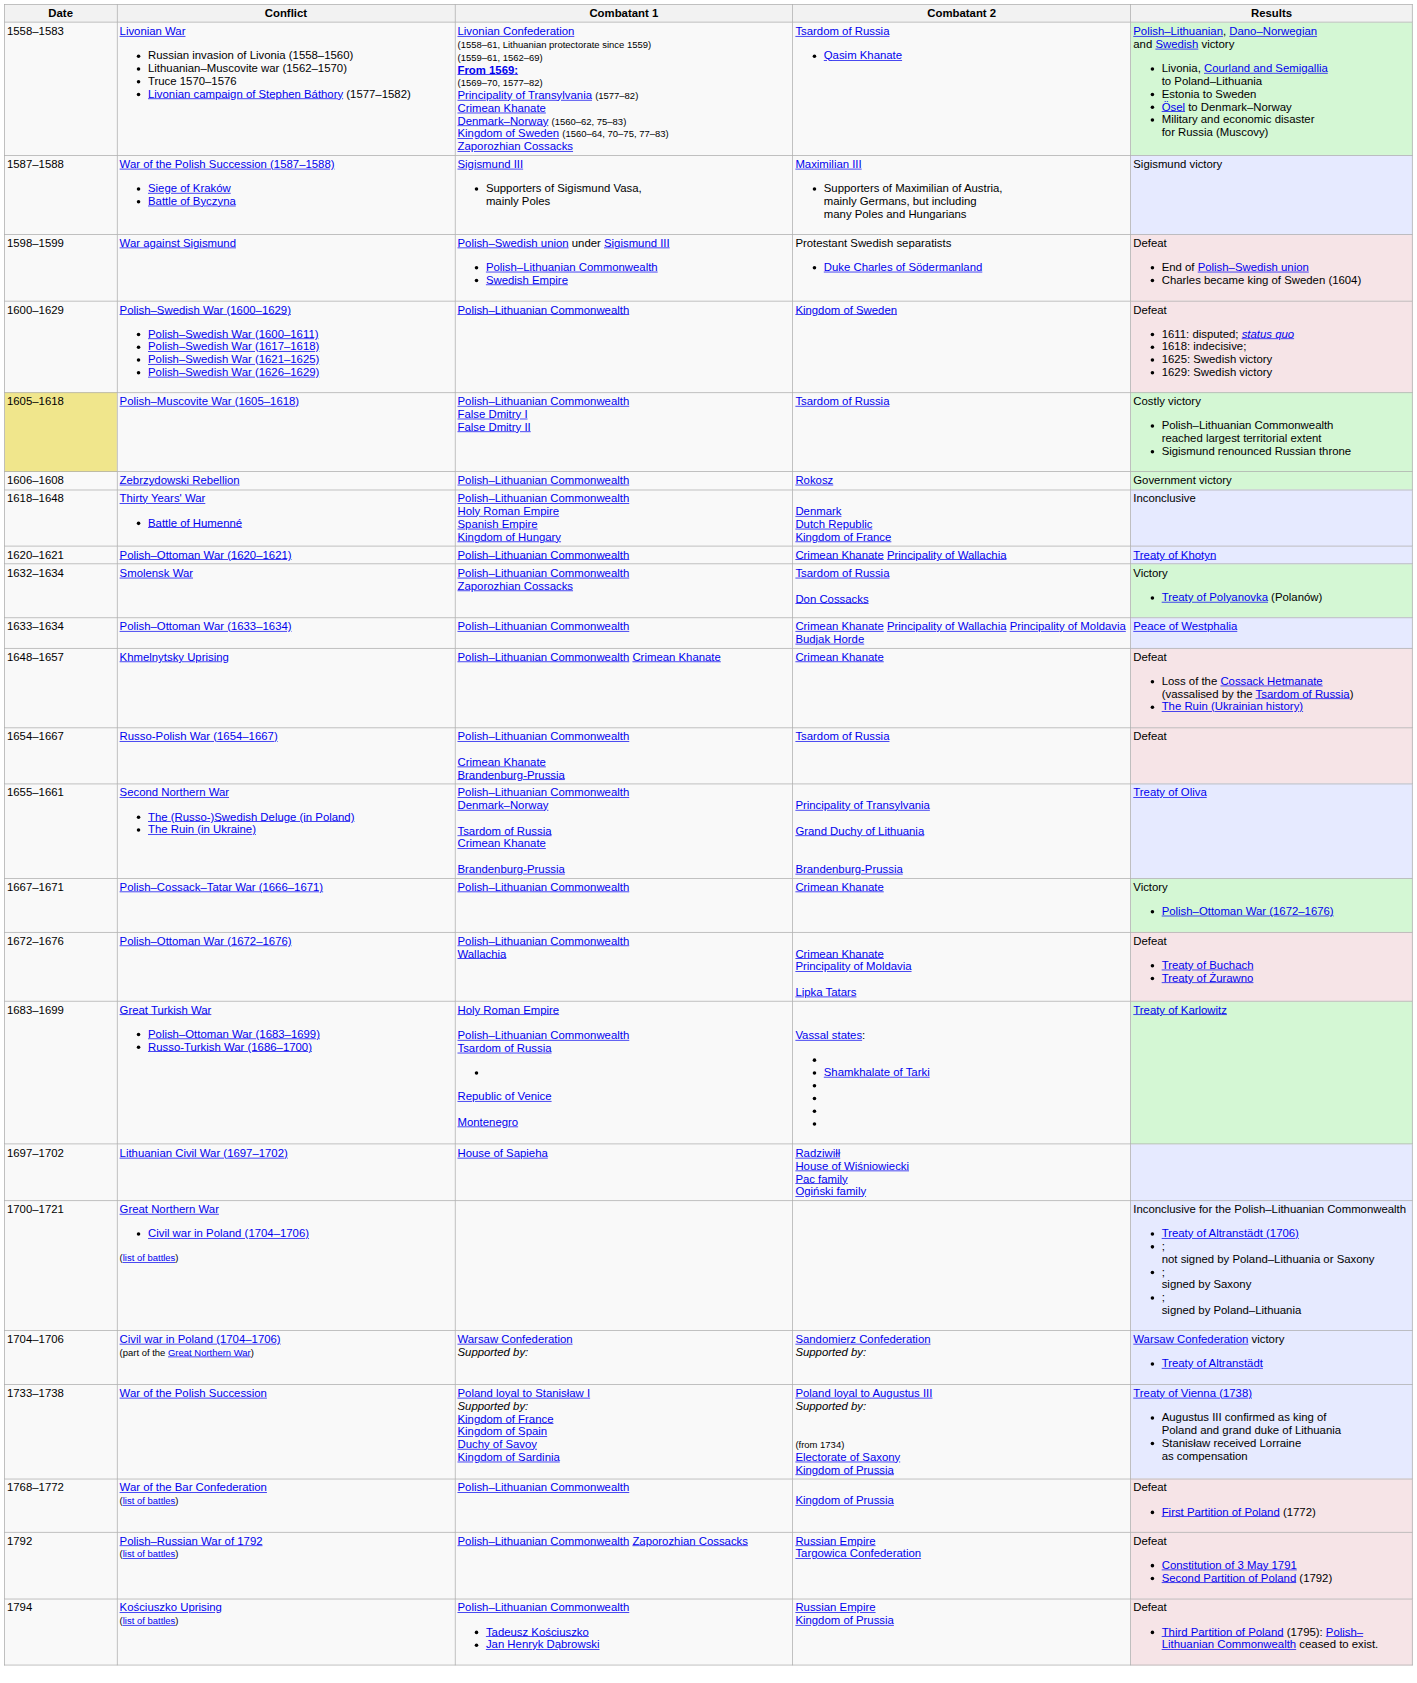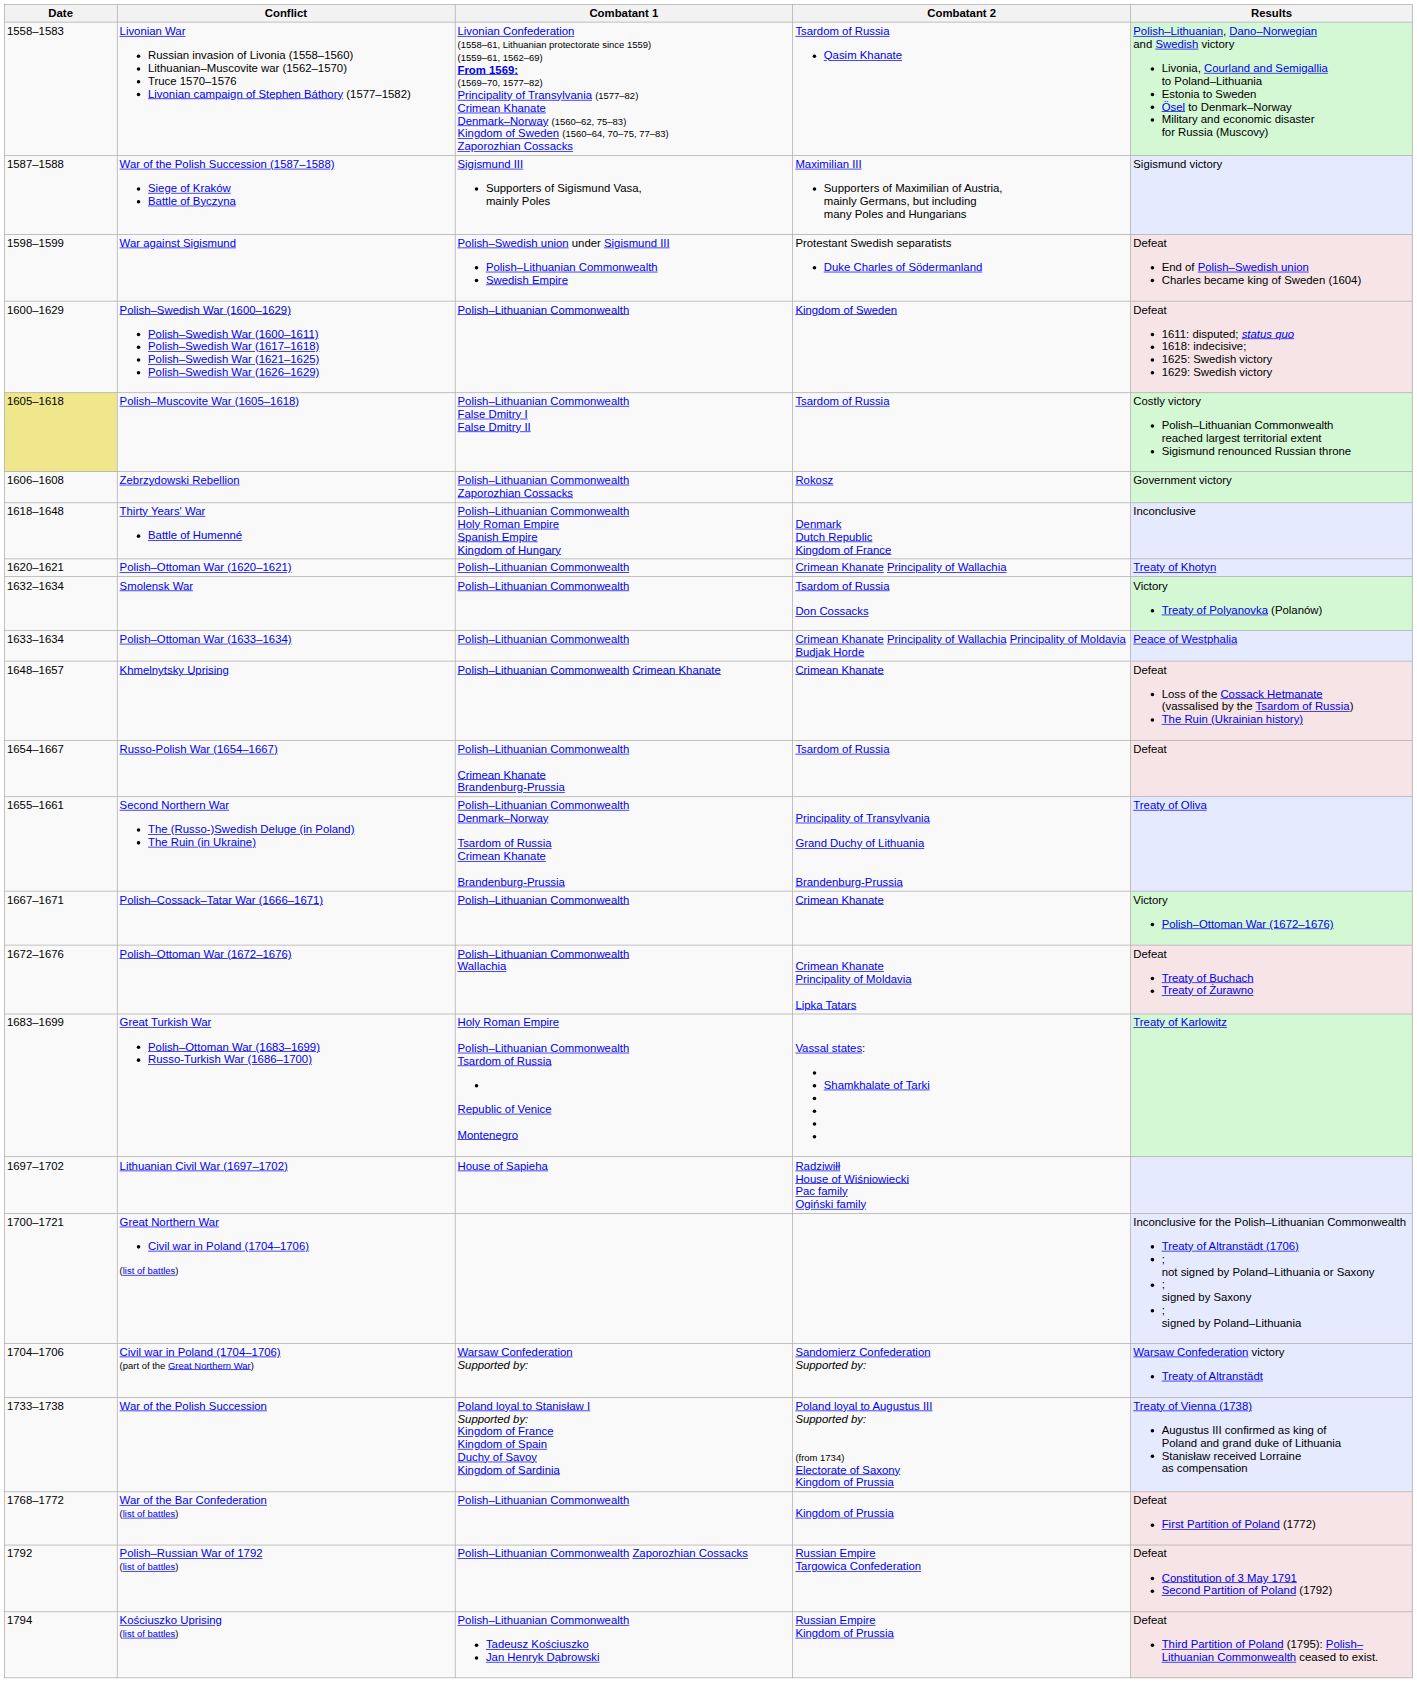 <table class="wikitable sortable" width="100%">
 <tr>
 <th width="8%">Date</th>
 <th width="24%">Conflict</th>
 <th width="24%">Combatant 1</th>
 <th width="24%">Combatant 2</th>
 <th width="20%">Results</th>
 </tr>
 <tr valign="top">
 <td>1558–1583</td>
 <td><a href='#'>Livonian War</a><br><ul><li>Russian invasion of Livonia (1558–1560)</li><li>Lithuanian–Muscovite war (1562–1570)</li><li>Truce 1570–1576</li><li><a href='#'>Livonian campaign of Stephen Báthory</a> (1577–1582)</li></ul></td>
 <td> <a href='#'>Livonian Confederation</a><br><small>(1558–61, Lithuanian protectorate since 1559)</small><br> <small>(1559–61, 1562–69)</small><br><strong><a href='#'>From 1569:</a></strong><br> <small>(1569–70, 1577–82)</small><br> <a href='#'>Principality of Transylvania</a> <small>(1577–82)</small><br> <a href='#'>Crimean Khanate</a><br> <a href='#'>Denmark–Norway</a> <small>(1560–62, 75–83)</small><br> <a href='#'>Kingdom of Sweden</a> <small>(1560–64, 70–75, 77–83)</small><br> <a href='#'>Zaporozhian Cossacks</a></td>
 <td> <a href='#'>Tsardom of Russia</a><br><ul><li><a href='#'>Qasim Khanate</a></li></ul></td>
 <td style="background:#D4F7D4"><a href='#'>Polish–Lithuanian</a>, <a href='#'>Dano–Norwegian</a><br>and <a href='#'>Swedish</a> victory<br><ul><li>Livonia, <a href='#'>Courland and Semigallia</a><br>to Poland–Lithuania</li><li>Estonia to Sweden</li><li><a href='#'>Ösel</a> to Denmark–Norway</li><li>Military and economic disaster<br>for Russia (Muscovy)</li></ul></td>
 </tr>
 <tr valign="top">
 <td>1587–1588</td>
 <td><a href='#'>War of the Polish Succession (1587–1588)</a><br><ul><li><a href='#'>Siege of Kraków</a></li><li><a href='#'>Battle of Byczyna</a></li></ul></td>
 <td><a href='#'>Sigismund III</a><br><ul><li>Supporters of Sigismund Vasa,<br>mainly Poles</li></ul></td>
 <td><a href='#'>Maximilian III</a><br><ul><li>Supporters of Maximilian of Austria,<br>mainly Germans, but including<br>many Poles and Hungarians</li></ul></td>
 <td style="background:#E6EAFF">Sigismund victory</td>
 </tr>
 <tr valign="top">
 <td>1598–1599</td>
 <td><a href='#'>War against Sigismund</a></td>
 <td> <a href='#'>Polish–Swedish union</a> under <a href='#'>Sigismund III</a><br><ul><li> <a href='#'>Polish–Lithuanian Commonwealth</a></li><li> <a href='#'>Swedish Empire</a></li></ul></td>
 <td> Protestant Swedish separatists<br><ul><li><a href='#'>Duke Charles of Södermanland</a></li></ul></td>
 <td style="background:#F6E4E7">Defeat<br><ul><li>End of <a href='#'>Polish–Swedish union</a></li><li>Charles became king of Sweden (1604)</li></ul></td>
 </tr>
 <tr valign="top">
 <td>1600–1629</td>
 <td><a href='#'>Polish–Swedish War (1600–1629)</a><br><ul><li><a href='#'>Polish–Swedish War (1600–1611)</a></li><li><a href='#'>Polish–Swedish War (1617–1618)</a></li><li><a href='#'>Polish–Swedish War (1621–1625)</a></li><li><a href='#'>Polish–Swedish War (1626–1629)</a></li></ul></td>
 <td> <a href='#'>Polish–Lithuanian Commonwealth</a><br> </td>
 <td> <a href='#'>Kingdom of Sweden</a><br></td>
 <td style="background:#F6E4E7">Defeat<br><ul><li>1611: disputed; <em><a href='#'>status quo</a></em></li><li>1618: indecisive;</li><li>1625: Swedish victory</li><li>1629: Swedish victory</li></ul></td>
 </tr>
 <tr valign="top">
 <td style="background: khaki;">1605–1618</td>
 <td><a href='#'>Polish–Muscovite War (1605–1618)</a><br></td>
 <td> <a href='#'>Polish–Lithuanian Commonwealth</a><br><a href='#'>False Dmitry I</a><br><a href='#'>False Dmitry II</a></td>
 <td> <a href='#'>Tsardom of Russia</a></td>
 <td style="background:#D4F7D4">Costly victory<br><ul><li>Polish–Lithuanian Commonwealth<br>reached largest territorial extent</li><li>Sigismund renounced Russian throne</li></ul></td>
 </tr>
 <tr valign="top">
 <td>1606–1608</td>
 <td><a href='#'>Zebrzydowski Rebellion</a></td>
-<td> <a href='#'>Polish–Lithuanian Commonwealth</a></td>
+<td> <a href='#'>Polish–Lithuanian Commonwealth</a><br> <a href='#'>Zaporozhian Cossacks</a></td>
 <td><a href='#'>Rokosz</a></td>
 <td style="background:#D4F7D4">Government victory</td>
 </tr>
 <tr valign="top">
 <td>1618–1648</td>
 <td><a href='#'>Thirty Years' War</a><br><ul><li><a href='#'>Battle of Humenné</a></li></ul></td>
 <td> <a href='#'>Polish–Lithuanian Commonwealth</a><br> <a href='#'>Holy Roman Empire</a><br> <a href='#'>Spanish Empire</a><br> <a href='#'>Kingdom of Hungary</a></td>
 <td><br> <a href='#'>Denmark</a><br> <a href='#'>Dutch Republic</a><br> <a href='#'>Kingdom of France</a></td>
 <td style="background:#E6EAFF">Inconclusive</td>
 </tr>
 <tr valign="top">
 <td>1620–1621</td>
 <td><a href='#'>Polish–Ottoman War (1620–1621)</a></td>
 <td> <a href='#'>Polish–Lithuanian Commonwealth</a></td>
 <td> <a href='#'>Crimean Khanate</a> <a href='#'>Principality of Wallachia</a></td>
 <td style="background:#E6EAFF"><a href='#'>Treaty of Khotyn</a></td>
 </tr>
 <tr valign="top">
 <td>1632–1634</td>
 <td><a href='#'>Smolensk War</a></td>
-<td> <a href='#'>Polish–Lithuanian Commonwealth</a><br> <a href='#'>Zaporozhian Cossacks</a></td>
+<td> <a href='#'>Polish–Lithuanian Commonwealth</a></td>
 <td> <a href='#'>Tsardom of Russia</a><br><br><a href='#'>Don Cossacks</a></td>
 <td style="background:#D4F7D4">Victory<br><ul><li><a href='#'>Treaty of Polyanovka</a> (Polanów)</li></ul></td>
 </tr>
 <tr valign="top">
 <td>1633–1634</td>
 <td><a href='#'>Polish–Ottoman War (1633–1634)</a></td>
 <td> <a href='#'>Polish–Lithuanian Commonwealth</a></td>
 <td> <a href='#'>Crimean Khanate</a> <a href='#'>Principality of Wallachia</a> <a href='#'>Principality of Moldavia</a><br> <a href='#'>Budjak Horde</a></td>
 <td style="background:#E6EAFF"><a href='#'>Peace of Westphalia</a></td>
 </tr>
 <tr valign="top">
 <td>1648–1657</td>
 <td><a href='#'>Khmelnytsky Uprising</a></td>
 <td> <a href='#'>Polish–Lithuanian Commonwealth</a> <a href='#'>Crimean Khanate</a></td>
 <td> <a href='#'>Crimean Khanate</a></td>
 <td style="background:#F6E4E7">Defeat<br><ul><li>Loss of the <a href='#'>Cossack Hetmanate</a><br>(vassalised by the <a href='#'>Tsardom of Russia</a>)</li><li><a href='#'>The Ruin (Ukrainian history)</a></li></ul></td>
 </tr>
 <tr valign="top">
 <td>1654–1667</td>
 <td><a href='#'>Russo-Polish War (1654–1667)</a></td>
 <td> <a href='#'>Polish–Lithuanian Commonwealth</a><br><br> <a href='#'>Crimean Khanate</a><br> <a href='#'>Brandenburg-Prussia</a></td>
 <td> <a href='#'>Tsardom of Russia</a><br></td>
 <td style="background:#F6E4E7">Defeat</td>
 </tr>
 <tr valign="top">
 <td>1655–1661</td>
 <td><a href='#'>Second Northern War</a><br><ul><li><a href='#'>The (Russo-)Swedish Deluge (in Poland)</a></li><li><a href='#'>The Ruin (in Ukraine)</a></li></ul></td>
 <td> <a href='#'>Polish–Lithuanian Commonwealth</a><br> <a href='#'>Denmark–Norway</a><br><br> <a href='#'>Tsardom of Russia</a> <br> <a href='#'>Crimean Khanate</a><br><br> <a href='#'>Brandenburg-Prussia</a><br></td>
 <td><br> <a href='#'>Principality of Transylvania</a><br>  <br>  <a href='#'>Grand Duchy of Lithuania</a><br> <br> <br> <a href='#'>Brandenburg-Prussia</a><br></td>
 <td style="background:#E6EAFF"><a href='#'>Treaty of Oliva</a></td>
 </tr>
 <tr valign="top">
 <td>1667–1671</td>
 <td><a href='#'>Polish–Cossack–Tatar War (1666–1671)</a></td>
 <td> <a href='#'>Polish–Lithuanian Commonwealth</a></td>
 <td> <a href='#'>Crimean Khanate</a><br></td>
 <td style="background:#D4F7D4">Victory<br><ul><li><a href='#'>Polish–Ottoman War (1672–1676)</a></li></ul></td>
 </tr>
 <tr valign="top">
 <td>1672–1676</td>
 <td><a href='#'>Polish–Ottoman War (1672–1676)</a></td>
 <td> <a href='#'>Polish–Lithuanian Commonwealth</a><br> <a href='#'>Wallachia</a></td>
 <td> <br> <a href='#'>Crimean Khanate</a> <br> <a href='#'>Principality of Moldavia</a><br><br><a href='#'>Lipka Tatars</a></td>
 <td style="background:#F6E4E7">Defeat<br><ul><li><a href='#'>Treaty of Buchach</a></li><li><a href='#'>Treaty of Żurawno</a></li></ul></td>
 </tr>
 <tr valign="top">
 <td>1683–1699</td>
 <td><a href='#'>Great Turkish War</a><br><ul><li><a href='#'>Polish–Ottoman War (1683–1699)</a></li><li><a href='#'>Russo-Turkish War (1686–1700)</a></li></ul></td>
 <td> <a href='#'>Holy Roman Empire</a><br><br> <a href='#'>Polish–Lithuanian Commonwealth</a><br>  <a href='#'>Tsardom of Russia</a><ul><li></li></ul> <a href='#'>Republic of Venice</a><br> <br>  <a href='#'>Montenegro</a><br> </td>
 <td><br><br><a href='#'>Vassal states</a>:<ul><li></li><li><a href='#'>Shamkhalate of Tarki</a></li><li></li><li></li><li></li><li></li></ul></td>
 <td style="background:#D4F7D4"><a href='#'>Treaty of Karlowitz</a></td>
 </tr>
 <tr valign="top">
 <td>1697–1702</td>
 <td><a href='#'>Lithuanian Civil War (1697–1702)</a></td>
 <td><a href='#'>House of Sapieha</a></td>
 <td><a href='#'>Radziwiłł</a><br><a href='#'>House of Wiśniowiecki</a><br><a href='#'>Pac family</a><br><a href='#'>Ogiński family</a></td>
 <td style="background:#E6EAFF"></td>
 </tr>
 <tr valign=top>
 <td>1700–1721</td>
 <td><a href='#'>Great Northern War</a><br><ul><li><a href='#'>Civil war in Poland (1704–1706)</a></li></ul><small>(<a href='#'>list of battles</a>)</small></td>
 <td></td>
 <td></td>
 <td style="background:#E6EAFF">Inconclusive for the Polish–Lithuanian Commonwealth<br><ul><li><a href='#'>Treaty of Altranstädt (1706)</a></li><li>;<br>not signed by Poland–Lithuania or Saxony</li><li>;<br>signed by Saxony</li><li>;<br>signed by Poland–Lithuania</li></ul></td>
 </tr>
 <tr valign=top>
 <td>1704–1706</td>
 <td><a href='#'>Civil war in Poland (1704–1706)</a><br><small>(part of the <a href='#'>Great Northern War</a>)</small></td>
 <td> <a href='#'>Warsaw Confederation</a><br><em>Supported by:</em><br></td>
 <td> <a href='#'>Sandomierz Confederation</a><br><em>Supported by:</em><br></td>
 <td style="background:#E6EAFF"><a href='#'>Warsaw Confederation</a> victory<br><ul><li><a href='#'>Treaty of Altranstädt</a></li></ul></td>
 </tr>
 <tr valign=top>
 <td>1733–1738</td>
 <td><a href='#'>War of the Polish Succession</a></td>
 <td> <a href='#'>Poland loyal to Stanisław I</a><br><em>Supported by:</em><br> <a href='#'>Kingdom of France</a><br> <a href='#'>Kingdom of Spain</a><br> <a href='#'>Duchy of Savoy</a><br> <a href='#'>Kingdom of Sardinia</a><br></td>
 <td> <a href='#'>Poland loyal to Augustus III</a><br><em>Supported by:</em><br><br><br> <small>(from 1734)</small><br> <a href='#'>Electorate of Saxony</a><br> <a href='#'>Kingdom of Prussia</a></td>
 <td style="background:#E6EAFF"><a href='#'>Treaty of Vienna (1738)</a><br><ul><li>Augustus III confirmed as king of<br>Poland and grand duke of Lithuania</li><li>Stanisław received Lorraine<br>as compensation</li></ul></td>
 </tr>
 <tr valign=top>
 <td>1768–1772</td>
 <td><a href='#'>War of the Bar Confederation</a><br><small>(<a href='#'>list of battles</a>)</small></td>
 <td> <a href='#'>Polish–Lithuanian Commonwealth</a></td>
 <td><br> <a href='#'>Kingdom of Prussia</a><br></td>
 <td style="background:#F6E4E7">Defeat<br><ul><li><a href='#'>First Partition of Poland</a> (1772)</li></ul></td>
 </tr>
 <tr valign=top>
 <td>1792</td>
 <td><a href='#'>Polish–Russian War of 1792</a><br><small>(<a href='#'>list of battles</a>)</small></td>
 <td> <a href='#'>Polish–Lithuanian Commonwealth</a> <a href='#'>Zaporozhian Cossacks</a></td>
 <td> <a href='#'>Russian Empire</a><br><a href='#'>Targowica Confederation</a></td>
 <td style="background:#F6E4E7">Defeat<br><ul><li><a href='#'>Constitution of 3 May 1791</a></li><li><a href='#'>Second Partition of Poland</a> (1792)</li></ul></td>
 </tr>
 <tr valign=top>
 <td>1794</td>
 <td><a href='#'>Kościuszko Uprising</a><br><small>(<a href='#'>list of battles</a>)</small></td>
 <td> <a href='#'>Polish–Lithuanian Commonwealth</a><br><ul><li><a href='#'>Tadeusz Kościuszko</a></li><li><a href='#'>Jan Henryk Dąbrowski</a></li></ul></td>
 <td> <a href='#'>Russian Empire</a><br> <a href='#'>Kingdom of Prussia</a><br></td>
 <td style="background:#F6E4E7">Defeat<br><ul><li><a href='#'>Third Partition of Poland</a> (1795): <a href='#'>Polish–<br>Lithuanian Commonwealth</a> ceased to exist.</li></ul></td>
 </tr>
 </table>
